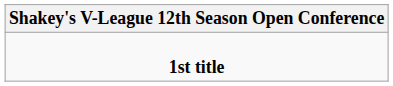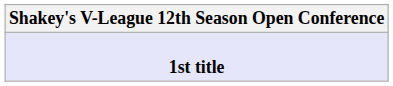 <table class=wikitable style="text-align:center; margin:auto;">
 <tr>
 <th>Shakey's V-League 12th Season Open Conference</th>
 </tr>
 <tr>
-<td><strong> </strong><br><strong>1st title</strong></td>
+<td style="background: lavender;"><strong> </strong><br><strong>1st title</strong></td>
 </tr>
 </table>
